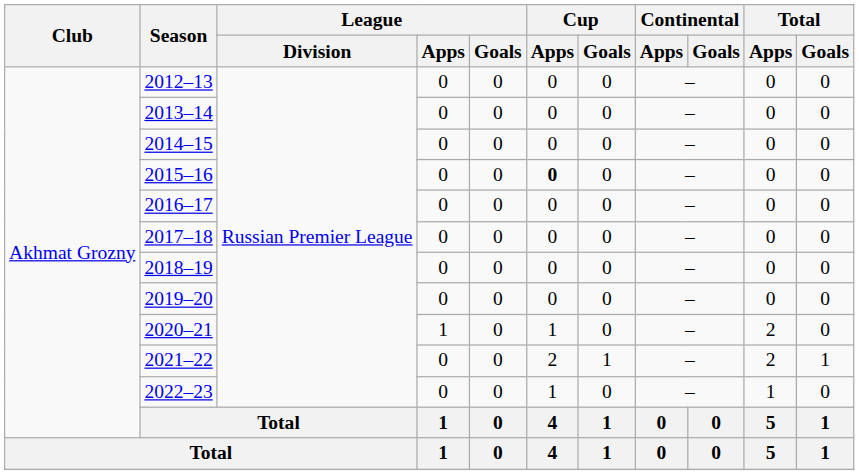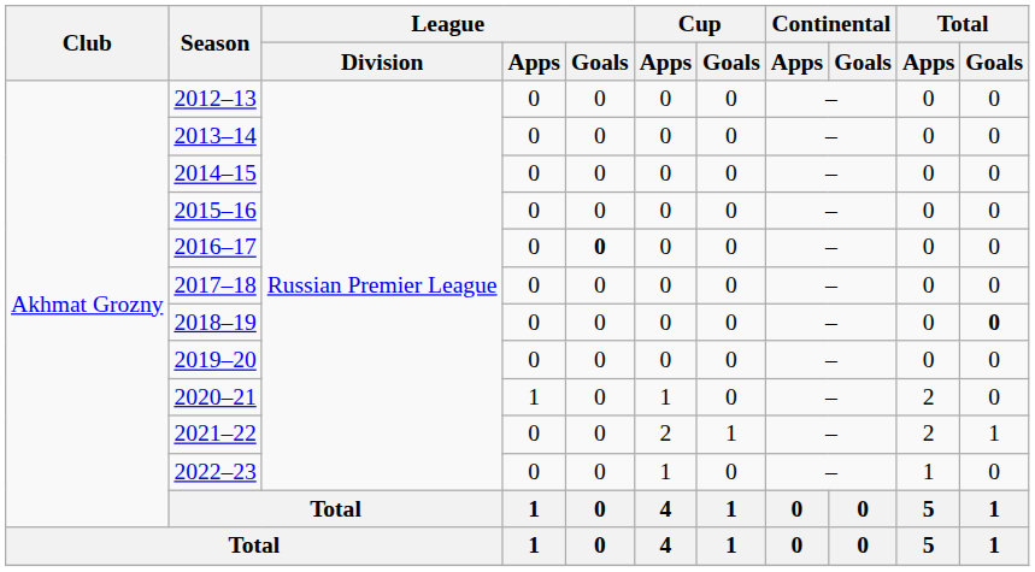 <table class="wikitable" style="text-align: center;">
 <tr>
 <th rowspan=2>Club</th>
 <th rowspan=2>Season</th>
 <th colspan=3>League</th>
 <th colspan=2>Cup</th>
 <th colspan=2>Continental</th>
 <th colspan=2>Total</th>
 </tr>
 <tr>
 <th>Division</th>
 <th>Apps</th>
 <th>Goals</th>
 <th>Apps</th>
 <th>Goals</th>
 <th>Apps</th>
 <th>Goals</th>
 <th>Apps</th>
 <th>Goals</th>
 </tr>
 <tr>
 <td rowspan=12><a href='#'>Akhmat Grozny</a></td>
 <td><a href='#'>2012–13</a></td>
 <td rowspan=11><a href='#'>Russian Premier League</a></td>
 <td>0</td>
 <td>0</td>
 <td>0</td>
 <td>0</td>
 <td colspan=2>–</td>
 <td>0</td>
 <td>0</td>
 </tr>
 <tr>
 <td><a href='#'>2013–14</a></td>
 <td>0</td>
 <td>0</td>
 <td>0</td>
 <td>0</td>
 <td colspan=2>–</td>
 <td>0</td>
 <td>0</td>
 </tr>
 <tr>
 <td><a href='#'>2014–15</a></td>
 <td>0</td>
 <td>0</td>
 <td>0</td>
 <td>0</td>
 <td colspan=2>–</td>
 <td>0</td>
 <td>0</td>
 </tr>
 <tr>
 <td><a href='#'>2015–16</a></td>
 <td>0</td>
 <td>0</td>
-<td><strong>0</strong></td>
+<td>0</td>
 <td>0</td>
 <td colspan=2>–</td>
 <td>0</td>
 <td>0</td>
 </tr>
 <tr>
 <td><a href='#'>2016–17</a></td>
 <td>0</td>
-<td>0</td>
+<td><strong>0</strong></td>
 <td>0</td>
 <td>0</td>
 <td colspan=2>–</td>
 <td>0</td>
 <td>0</td>
 </tr>
 <tr>
 <td><a href='#'>2017–18</a></td>
 <td>0</td>
 <td>0</td>
 <td>0</td>
 <td>0</td>
 <td colspan=2>–</td>
 <td>0</td>
 <td>0</td>
 </tr>
 <tr>
 <td><a href='#'>2018–19</a></td>
 <td>0</td>
 <td>0</td>
 <td>0</td>
 <td>0</td>
 <td colspan=2>–</td>
 <td>0</td>
-<td>0</td>
+<td><strong>0</strong></td>
 </tr>
 <tr>
 <td><a href='#'>2019–20</a></td>
 <td>0</td>
 <td>0</td>
 <td>0</td>
 <td>0</td>
 <td colspan=2>–</td>
 <td>0</td>
 <td>0</td>
 </tr>
 <tr>
 <td><a href='#'>2020–21</a></td>
 <td>1</td>
 <td>0</td>
 <td>1</td>
 <td>0</td>
 <td colspan=2>–</td>
 <td>2</td>
 <td>0</td>
 </tr>
 <tr>
 <td><a href='#'>2021–22</a></td>
 <td>0</td>
 <td>0</td>
 <td>2</td>
 <td>1</td>
 <td colspan=2>–</td>
 <td>2</td>
 <td>1</td>
 </tr>
 <tr>
 <td><a href='#'>2022–23</a></td>
 <td>0</td>
 <td>0</td>
 <td>1</td>
 <td>0</td>
 <td colspan=2>–</td>
 <td>1</td>
 <td>0</td>
 </tr>
 <tr>
 <th colspan=2>Total</th>
 <th>1</th>
 <th>0</th>
 <th>4</th>
 <th>1</th>
 <th>0</th>
 <th>0</th>
 <th>5</th>
 <th>1</th>
 </tr>
 <tr>
 <th colspan=3>Total</th>
 <th>1</th>
 <th>0</th>
 <th>4</th>
 <th>1</th>
 <th>0</th>
 <th>0</th>
 <th>5</th>
 <th>1</th>
 </tr>
 <tr>
 </tr>
 </table>
